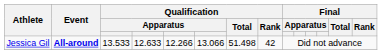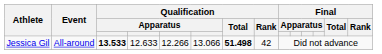 <table class="wikitable" style="font-size:90%">
 <tr>
 <th rowspan=3>Athlete</th>
 <th rowspan=3>Event</th>
 <th colspan =6>Qualification</th>
 <th colspan =6>Final</th>
 </tr>
 <tr style="font-size:95%">
 <th colspan=4>Apparatus</th>
 <th rowspan=2>Total</th>
 <th rowspan=2>Rank</th>
 <th colspan=4>Apparatus</th>
 <th rowspan=2>Total</th>
 <th rowspan=2>Rank</th>
 </tr>
 <tr style="font-size:95%">
 <th></th>
 <th></th>
 <th></th>
 <th></th>
 <th></th>
 <th></th>
 <th></th>
 <th></th>
 </tr>
 <tr align=center>
 <td align=left><a href='#'>Jessica Gil</a></td>
-<td align=left><strong><a href='#'>All-around</a></strong></td>
-<td>13.533</td>
+<td align=left><a href='#'>All-around</a></td>
+<td><strong>13.533</strong></td>
 <td>12.633</td>
 <td>12.266</td>
 <td>13.066</td>
-<td>51.498</td>
+<td><strong>51.498</strong></td>
 <td>42</td>
 <td colspan=6>Did not advance</td>
 </tr>
 </table>
